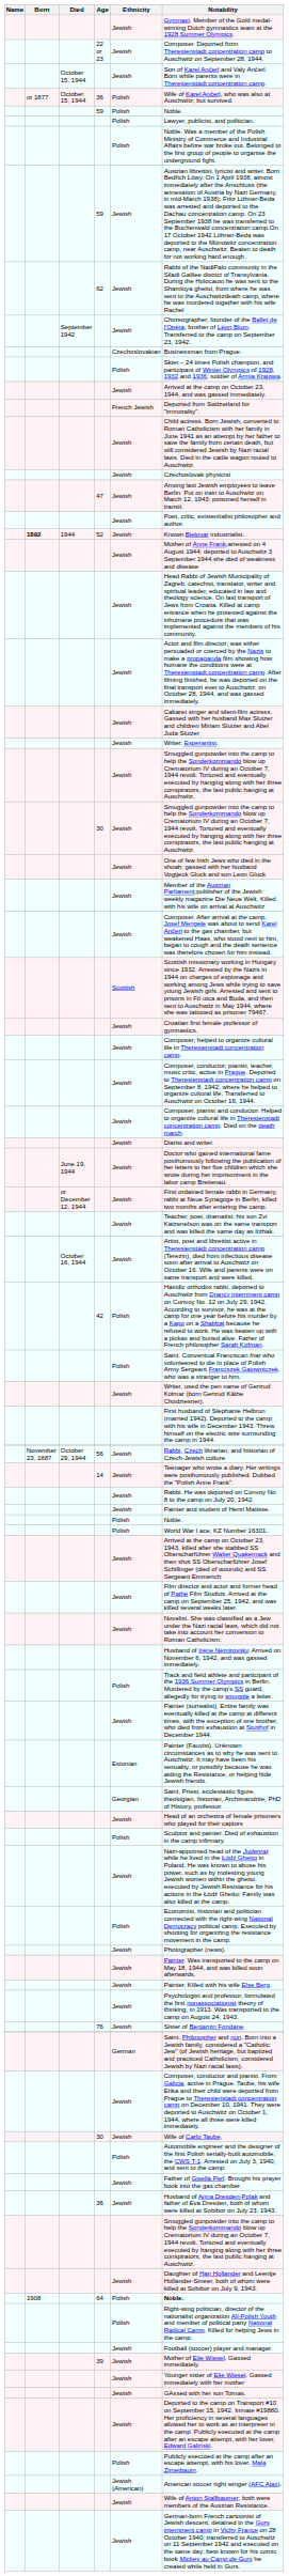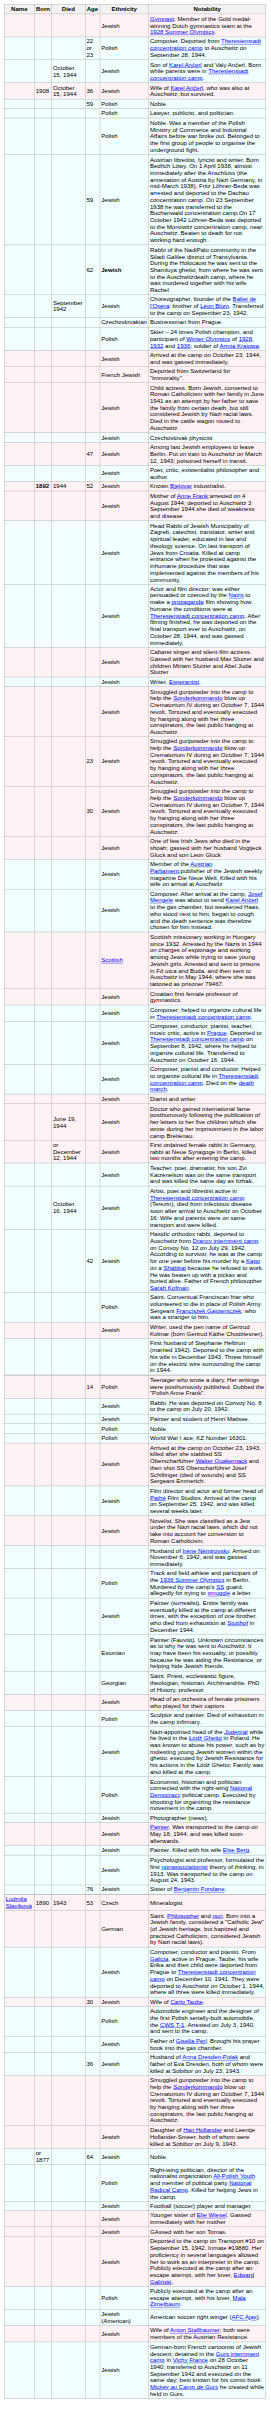 <table class="wikitable sortable" style="width:100%; font-size: 90%;">
 <tr>
 <th>Name</th>
 <th>Born</th>
 <th>Died</th>
 <th>Age</th>
 <th>Ethnicity</th>
 <th>Notability</th>
 </tr>
 <tr style="background:#fff2f4;">
 <td></td>
 <td></td>
 <td></td>
 <td></td>
 <td>Jewish</td>
 <td><a href='#'>Gymnast</a>. Member of the Gold medal-winning Dutch gymnastics team at the <a href='#'>1928 Summer Olympics</a>.</td>
 </tr>
 <tr style="background:#f1ffff;">
 <td></td>
 <td></td>
 <td></td>
 <td>22 or 23</td>
-<td>Jewish</td>
+<td>Polish</td>
 <td>Composer. Deported from <a href='#'>Theresienstadt concentration camp</a> to Auschwitz on September 28, 1944.</td>
 </tr>
 <tr style="background:#f1ffff;">
 <td></td>
 <td></td>
 <td> October 15, 1944</td>
 <td></td>
 <td>Jewish</td>
 <td>Son of <a href='#'>Karel Ančerl</a> and Valy Ančerl.  Born while parents were in <a href='#'>Theresienstadt concentration camp</a>.</td>
 </tr>
 <tr style="background:#fff2f4;">
 <td></td>
-<td> or 1877</td>
+<td>1908</td>
 <td> October 15, 1944</td>
 <td>36</td>
-<td>Polish</td>
+<td>Jewish</td>
 <td>Wife of <a href='#'>Karel Ančerl</a>, who was also at Auschwitz, but survived.</td>
 </tr>
 <tr style="background:#f1ffff;">
 <td></td>
 <td></td>
 <td></td>
 <td>59</td>
 <td>Polish</td>
 <td>Noble.</td>
 </tr>
 <tr style="background:#f1ffff;">
 <td></td>
 <td></td>
 <td></td>
 <td></td>
 <td>Polish</td>
 <td>Lawyer, publicist, and politician.</td>
 </tr>
 <tr style="background:#f1ffff;">
 <td></td>
 <td></td>
 <td></td>
 <td></td>
 <td>Polish</td>
 <td>Noble. Was a member of the Polish Ministry of Commerce and Industrial Affairs before war broke out. Belonged to the first group of people to organise the underground fight.</td>
 </tr>
 <tr style="background:#f1ffff;">
 <td></td>
 <td></td>
 <td></td>
 <td>59</td>
 <td>Jewish</td>
 <td>Austrian librettist, lyricist and writer. Born Bedřich Löwy. On 1 April 1938, almost immediately after the Anschluss (the annexation of Austria by Nazi Germany, in mid-March 1938), Fritz Löhner-Beda was arrested and deported to the Dachau concentration camp. On 23 September 1938 he was transferred to the Buchenwald concentration camp.On 17 October 1942 Löhner-Beda was deported to the Monowitz concentration camp, near Auschwitz. Beaten to death for not working hard enough .</td>
 </tr>
 <tr style="background:#f1ffff;">
 <td></td>
 <td></td>
 <td></td>
 <td>62</td>
-<td>Jewish</td>
+<td><strong>Jewish</strong></td>
 <td>Rabbi of the NadiPalo community in the Siladi Galilee district of Transylvania. During the Holocaust he was sent to the Shamluya ghetto, from where he was sent to the Auschwitzdeath camp, where he was murdered together with his wife Rachel</td>
 </tr>
 <tr style="background:#f1ffff;">
 <td></td>
 <td></td>
 <td> September 1942</td>
 <td></td>
 <td>Jewish</td>
 <td>Choreographer, founder of the <a href='#'>Ballet de l'Opéra</a>; brother of <a href='#'>Léon Blum</a>.  Transferred to the camp on September 23, 1942.</td>
 </tr>
 <tr style="background:#f1ffff;">
 <td></td>
 <td></td>
 <td></td>
 <td></td>
 <td>Czechoslovakian</td>
 <td>Businessman from Prague.</td>
 </tr>
 <tr style="background:#f1ffff;">
 <td></td>
 <td></td>
 <td></td>
 <td></td>
 <td>Polish</td>
 <td>Skier – 24 times Polish champion, and participant of <a href='#'>Winter Olympics</a> of <a href='#'>1928</a>, <a href='#'>1932</a> and <a href='#'>1936</a>; soldier of <a href='#'>Armia Krajowa</a>.</td>
 </tr>
 <tr style="background:#fff2f4;">
 <td></td>
 <td></td>
 <td></td>
 <td></td>
 <td>Jewish</td>
 <td>Arrived at the camp on October 23, 1944, and was gassed immediately.</td>
 </tr>
 <tr style="background:#fff2f4;">
 <td></td>
 <td></td>
 <td></td>
 <td></td>
 <td>French Jewish</td>
 <td>Deported from Switzerland for "immorality".</td>
 </tr>
 <tr style="background:#fff2f4;">
 <td></td>
 <td></td>
 <td></td>
 <td></td>
 <td>Jewish</td>
 <td>Child actress. Born Jewish, converted to Roman Catholicism with her family in June 1941 as an attempt by her father to save the family from certain death, but still considered Jewish by Nazi racial laws. Died in the cattle wagon routed to Auschwitz.</td>
 </tr>
 <tr style="background:#f1ffff;">
 <td></td>
 <td></td>
 <td></td>
 <td></td>
 <td>Jewish</td>
 <td>Czechoslovak physicist</td>
 </tr>
 <tr style="background:#fff2f4;">
 <td></td>
 <td></td>
 <td></td>
 <td>47</td>
 <td>Jewish</td>
 <td>Among last Jewish employees to leave Berlin.  Put on train to Auschwitz on March 12, 1943; poisoned herself in transit.</td>
 </tr>
 <tr style="background:#f1ffff;">
 <td></td>
 <td></td>
 <td></td>
 <td></td>
 <td>Jewish</td>
 <td>Poet, critic, existentialist philosopher and author.</td>
 </tr>
 <tr style="background:#fff2f4;">
 <td></td>
 <td><strong>1892</strong></td>
 <td>1944</td>
 <td>52</td>
 <td>Jewish</td>
 <td>Known <a href='#'>Bjelovar</a> industrialist.</td>
 </tr>
 <tr style="background:#fff2f4;">
 <td></td>
 <td></td>
 <td></td>
 <td></td>
 <td>Jewish</td>
 <td>Mother of <a href='#'>Anne Frank</a>;arrested on 4 August 1944; deported to Auschwitz 3 September 1944.she died of weakness and disease</td>
 </tr>
 <tr style="background:#f1ffff;">
 <td></td>
 <td></td>
 <td></td>
 <td></td>
 <td>Jewish</td>
 <td>Head Rabbi of Jewish Municipality of Zagreb, catechist, translator, writer and spiritual leader, educated in law and theology science.  On last transport of Jews from Croatia.  Killed at camp entrance when he protested against the inhumane procedure that was implemented against the members of his community.</td>
 </tr>
 <tr style="background:#f1ffff;">
 <td></td>
 <td></td>
 <td></td>
 <td></td>
 <td>Jewish</td>
 <td>Actor and film director; was either persuaded or coerced by the <a href='#'>Nazis</a> to make a <a href='#'>propaganda</a> film showing how humane the conditions were at <a href='#'>Theresienstadt concentration camp</a>.  After filming finished, he was deported on the final transport ever to Auschwitz, on October 28, 1944, and was gassed immediately.</td>
 </tr>
 <tr style="background:#fff2f4;">
 <td></td>
 <td></td>
 <td></td>
 <td></td>
 <td>Jewish</td>
 <td>Cabaret singer and silent-film actress. Gassed with her husband Max Sluizer and children Miriam Sluizer and Abel Juda Sluizer</td>
 </tr>
 <tr style="background:#f1ffff;">
 <td></td>
 <td></td>
 <td></td>
 <td></td>
 <td>Jewish</td>
 <td>Writer. <a href='#'>Esperantist</a>.</td>
 </tr>
 <tr style="background:#fff2f4;">
 <td></td>
 <td></td>
 <td></td>
 <td></td>
 <td>Jewish</td>
 <td>Smuggled gunpowder into the camp to help the <a href='#'>Sonderkommando</a> blow up Crematorium IV during an October 7, 1944 revolt. Tortured and eventually executed by hanging along with her three conspirators, the last public hanging at Auschwitz.</td>
 </tr>
 <tr style="background:#fff2f4;">
 <td></td>
 <td></td>
 <td></td>
+<td>23</td>
+<td>Jewish</td>
+<td>Smuggled gunpowder into the camp to help the <a href='#'>Sonderkommando</a> blow up Crematorium IV during an October 7, 1944 revolt. Tortured and eventually executed by hanging along with her three conspirators, the last public hanging at Auschwitz.</td>
+</tr>
+<tr style="background:#fff2f4;">
+<td></td>
+<td></td>
+<td></td>
 <td>30</td>
 <td>Jewish</td>
 <td>Smuggled gunpowder into the camp to help the <a href='#'>Sonderkommando</a> blow up Crematorium IV during an October 7, 1944 revolt. Tortured and eventually executed by hanging along with her three conspirators, the last public hanging at Auschwitz.</td>
 </tr>
 <tr style="background:#fff2f4;">
 <td></td>
 <td></td>
 <td></td>
 <td></td>
 <td>Jewish</td>
 <td>One of few Irish Jews who died in the shoah; gassed with her husband Vogtjeck Gluck and son Leon Gluck</td>
 </tr>
 <tr style="background:#f1ffff;">
 <td></td>
 <td></td>
 <td></td>
 <td></td>
 <td>Jewish</td>
 <td>Member of the <a href='#'>Austrian Parliament</a>;publisher of the Jewish weekly magazine Die Neue Welt, Killed with his wife on arrival at Auschwitz</td>
 </tr>
 <tr style="background:#f1ffff;">
 <td></td>
 <td></td>
 <td></td>
 <td></td>
 <td>Jewish</td>
 <td>Composer.  After arrival at the camp, <a href='#'>Josef Mengele</a> was about to send <a href='#'>Karel Ančerl</a> to the gas chamber, but weakened Haas, who stood next to him, began to cough and the death sentence was therefore chosen for him instead.</td>
 </tr>
 <tr style="background:#fff2f4;">
 <td></td>
 <td></td>
 <td></td>
 <td></td>
 <td><a href='#'>Scottish</a></td>
 <td>Scottish missionary working in Hungary since 1932. Arrested by the Nazis in 1944 on charges of espionage and working among Jews while trying to save young Jewish girls. Arrested and sent to prisons in Fő utca and Buda, and then sent to Auschwitz in May 1944, where she was tattooed as prisoner 79467.</td>
 </tr>
 <tr style="background:#fff2f4;">
 <td></td>
 <td></td>
 <td></td>
 <td></td>
 <td>Jewish</td>
 <td>Croatian first female professor of gymnastics.</td>
 </tr>
 <tr style="background:#f1ffff;">
 <td></td>
 <td></td>
 <td></td>
 <td></td>
 <td>Jewish</td>
 <td>Composer; helped to organize cultural life in <a href='#'>Theresienstadt concentration camp</a>.</td>
 </tr>
 <tr style="background:#f1ffff;">
 <td></td>
 <td></td>
 <td></td>
 <td></td>
 <td>Jewish</td>
 <td>Composer, conductor, pianist, teacher, music critic, active in <a href='#'>Prague</a>.  Deported to <a href='#'>Theresienstadt concentration camp</a> on September 8, 1942, where he helped to organize cultural life.  Transferred to Auschwitz on October 16, 1944.</td>
 </tr>
 <tr style="background:#f1ffff;">
 <td></td>
 <td></td>
 <td></td>
 <td></td>
 <td>Jewish</td>
 <td>Composer, pianist and conductor.  Helped to organize cultural life in <a href='#'>Theresienstadt concentration camp</a>.  Died on the <a href='#'>death march</a>.</td>
 </tr>
 <tr style="background:#fff2f4;">
 <td></td>
 <td></td>
 <td></td>
 <td></td>
 <td>Jewish</td>
 <td>Diarist and writer.</td>
 </tr>
 <tr style="background:#fff2f4;">
 <td></td>
 <td></td>
 <td> June 19, 1944</td>
 <td></td>
 <td>Jewish</td>
 <td>Doctor who gained international fame posthumously following the publication of her letters to her five children which she wrote during her imprisonment in the labor camp Breitenau.</td>
 </tr>
 <tr style="background:#fff2f4;">
 <td></td>
 <td></td>
 <td> or<br>December 12, 1944</td>
 <td></td>
 <td>Jewish</td>
 <td>First ordained female rabbi in Germany, rabbi at Neue Synagoge in Berlin, killed two months after entering the camp.</td>
 </tr>
 <tr style="background:#f1ffff;">
 <td></td>
 <td></td>
 <td></td>
 <td></td>
 <td>Jewish</td>
 <td>Teacher, poet, dramatist; his son Zvi Katzenelson was on the same transport and was killed the same day as Itzhak.</td>
 </tr>
 <tr style="background:#f1ffff;">
 <td></td>
 <td></td>
 <td> October 16, 1944</td>
 <td></td>
 <td>Jewish</td>
 <td>Artist, poet and librettist active in <a href='#'>Theresienstadt concentration camp</a> (Terezin), died from infectious disease soon after arrival to Auschwitz on October 16.  Wife and parents were on same transport and were killed.</td>
 </tr>
 <tr style="background:#f1ffff;">
 <td></td>
 <td></td>
 <td></td>
 <td>42</td>
-<td>Polish</td>
+<td>Jewish</td>
 <td>Hasidic orthodox rabbi, deported to Auschwitz from <a href='#'>Drancy internment camp</a> on Convoy No. 12 on July 29, 1942.  According to survivor, he was at the camp for one year before his murder by a <a href='#'>Kapo</a> on a <a href='#'>Shabbat</a> because he refused to work.  He was beaten up with a pickax and buried alive.  Father of French philosopher <a href='#'>Sarah Kofman</a>.</td>
 </tr>
 <tr style="background:#f1ffff;">
 <td></td>
 <td></td>
 <td></td>
 <td></td>
 <td>Polish</td>
 <td>Saint.  Conventual Franciscan friar who volunteered to die in place of Polish Army Sergeant <a href='#'>Franciszek Gajowniczek</a>, who was a stranger to him.</td>
 </tr>
 <tr style="background:#fff2f4;">
 <td></td>
 <td></td>
 <td></td>
 <td></td>
 <td>Jewish</td>
 <td>Writer, used the pen name of Gertrud Kolmar (born Gertrud Käthe Chodziesner).</td>
 </tr>
 <tr style="background:#f1ffff;">
 <td></td>
 <td></td>
 <td></td>
 <td></td>
 <td></td>
 <td>First husband of Stephanie Helbrun (married 1942).  Deported to the camp with his wife in December 1943.  Threw himself on the electric wire surrounding the camp in 1944.</td>
 </tr>
 <tr>
 </tr>
-<tr style="background:#f1ffff;">
-<td></td>
-<td>November 23, 1887</td>
-<td>October 29, 1944</td>
-<td>56</td>
-<td>Jewish</td>
-<td><a href='#'>Rabbi</a>, <a href='#'>Czech</a> librarian, and historian of Czech-Jewish culture</td>
-</tr>
 <tr style="background:#fff2f4;">
 <td></td>
 <td></td>
 <td></td>
 <td>14</td>
-<td>Jewish</td>
+<td>Polish</td>
 <td>Teenager who wrote a diary.  Her writings were posthumously published.  Dubbed the "Polish Anne Frank".</td>
 </tr>
 <tr style="background:#f1ffff;">
 <td></td>
 <td></td>
 <td></td>
 <td></td>
 <td>Jewish</td>
 <td>Rabbi.  He was deported on Convoy No. 8 to the camp on July 20, 1942.</td>
 </tr>
 <tr style="background:#f1ffff;">
 <td></td>
 <td></td>
 <td></td>
 <td></td>
 <td>Jewish</td>
 <td>Painter and student of Henri Matisse.</td>
 </tr>
 <tr style="background:#f1ffff;">
 <td></td>
 <td></td>
 <td></td>
 <td></td>
 <td>Polish</td>
 <td>Noble.</td>
 </tr>
 <tr style="background:#f1ffff;">
 <td></td>
 <td></td>
 <td></td>
 <td></td>
 <td>Polish</td>
 <td>World War I ace; KZ Number 16301.</td>
 </tr>
 <tr style="background:#fff2f4;">
 <td></td>
 <td></td>
 <td></td>
 <td></td>
 <td>Jewish</td>
 <td>Arrived at the camp on October 23, 1943, killed after she stabbed SS Oberscharführer  <a href='#'>Walter Quakernack</a> and then shot  SS Oberscharführer Josef Schillinger (died of wounds) and SS Sergeant Emmerich.</td>
 </tr>
 <tr style="background:#f1ffff;">
 <td></td>
 <td></td>
 <td></td>
 <td></td>
 <td>Jewish</td>
 <td>Film director and actor and former head of <a href='#'>Pathé</a> Film Studios.  Arrived at the camp on September 25, 1942, and was killed several weeks later.</td>
 </tr>
 <tr style="background:#fff2f4;">
 <td></td>
 <td></td>
 <td></td>
 <td></td>
 <td>Jewish</td>
 <td>Novelist.  She was classified as a Jew under the Nazi racial laws, which did not take into account her conversion to Roman Catholicism.</td>
 </tr>
 <tr style="background:#f1ffff;">
 <td></td>
 <td></td>
 <td></td>
 <td></td>
 <td></td>
 <td>Husband of <a href='#'>Irène Némirovsky</a>.  Arrived on November 6, 1942, and was gassed immediately.</td>
 </tr>
 <tr style="background:#f1ffff;">
 <td></td>
 <td></td>
 <td></td>
 <td></td>
 <td>Polish</td>
 <td>Track and field athlete and participant of the <a href='#'>1936 Summer Olympics</a> in Berlin. Murdered by the camp's <a href='#'>SS</a> guard, allegedly for trying to <a href='#'>smuggle</a> a letter.</td>
 </tr>
 <tr style="background:#f1ffff;">
 <td></td>
 <td></td>
 <td></td>
 <td></td>
 <td>Jewish</td>
 <td>Painter (surrealist).  Entire family was eventually killed at the camp at different times, with the exception of one brother, who died from exhaustion at <a href='#'>Stutthof</a> in December 1944.</td>
 </tr>
 <tr style="background:#f1ffff;">
 <td></td>
 <td></td>
 <td></td>
 <td></td>
 <td>Estonian</td>
 <td>Painter (Fauvist). Unknown circumstances as to why he was sent to Auschwitz. It may have been his sexuality, or possibly because he was aiding the Resistance, or helping hide Jewish friends.</td>
 </tr>
 <tr style="background:#f1ffff;">
 <td></td>
 <td></td>
 <td></td>
 <td></td>
 <td>Georgian</td>
 <td>Saint.  Priest, ecclesiastic figure, theologian, historian, Archimandrite, PhD of History, professor.</td>
 </tr>
 <tr style="background:#fff2f4;">
 <td></td>
 <td></td>
 <td></td>
 <td></td>
 <td>Jewish</td>
 <td>Head of an orchestra of female prisoners who played for their captors</td>
 </tr>
 <tr style="background:#f1ffff;">
 <td></td>
 <td></td>
 <td></td>
 <td></td>
 <td>Polish</td>
 <td>Sculptor and painter. Died of exhaustion in the camp infirmary.</td>
 </tr>
 <tr style="background:#f1ffff;">
 <td></td>
 <td></td>
 <td></td>
 <td></td>
 <td>Jewish</td>
 <td>Nazi-appointed head of the <em><a href='#'>Judenrat</a></em> while he lived in the <a href='#'>Łódź Ghetto</a> in Poland.  He was known to abuse his power, such as by molesting young Jewish women within the ghetto. executed by Jewish Resistance for his actions in the Łódź Ghetto; Family was also killed at the camp.</td>
 </tr>
 <tr style="background:#f1ffff;">
 <td></td>
 <td></td>
 <td></td>
 <td></td>
 <td>Polish</td>
 <td>Economist, historian and politician connected with the right-wing <a href='#'>National Democracy</a> political camp.  Executed by shooting for organizing the resistance movement in the camp.</td>
 </tr>
 <tr style="background:#f1ffff;">
 <td></td>
 <td></td>
 <td></td>
 <td></td>
 <td>Jewish</td>
 <td>Photographer (news).</td>
 </tr>
 <tr style="background:#fff2f4;">
 <td></td>
 <td></td>
 <td></td>
 <td></td>
 <td>Jewish</td>
 <td><a href='#'>Painter</a>.  Was transported to the camp on May 18, 1944, and was killed soon afterwards.</td>
 </tr>
 <tr style="background:#f1ffff;">
 <td></td>
 <td></td>
 <td></td>
 <td></td>
 <td>Jewish</td>
 <td>Painter.  Killed with his wife <a href='#'>Else Berg</a>.</td>
 </tr>
 <tr style="background:#f1ffff;">
 <td></td>
 <td></td>
 <td></td>
 <td></td>
 <td>Jewish</td>
 <td>Psychologist and professor, formulated the first <a href='#'>nonassociationist</a> theory of thinking, in 1913.  Was transported to the camp on August 24, 1943.</td>
 </tr>
 <tr style="background:#f1ffff;">
 <td></td>
 <td></td>
 <td></td>
 <td>76</td>
 <td>Jewish</td>
 <td>Sister of <a href='#'>Benjamin Fondane</a>.</td>
 </tr>
 <tr>
 </tr>
 <tr style="background:#fff2f4;">
+<td><a href='#'>Ludmila Slavíková</a></td>
+<td>1890</td>
+<td>1943</td>
+<td>53</td>
+<td>Czech</td>
+<td>Mineralogist</td>
+</tr>
+<tr style="background:#fff2f4;">
 <td></td>
 <td></td>
 <td></td>
 <td></td>
 <td>German</td>
 <td>Saint. <a href='#'>Philosopher</a> and <a href='#'>nun</a>.  Born into a Jewish family, considered a "Catholic Jew" (of Jewish heritage, but baptized and practiced Catholicism, considered Jewish by Nazi racial laws).</td>
 </tr>
 <tr style="background:#f1ffff;">
 <td></td>
 <td></td>
 <td></td>
 <td></td>
 <td>Jewish</td>
 <td>Composer, conductor and pianist.  From <a href='#'>Galicia</a>, active in Prague.  Taube, his wife Erika and their child were deported from Prague to <a href='#'>Theresienstadt concentration camp</a> on December 10, 1941.  They were deported to Auschwitz on October 1, 1944, where all three were killed immediately.</td>
 </tr>
 <tr style="background:#fff2f4;">
 <td></td>
 <td></td>
 <td></td>
 <td>30</td>
 <td>Jewish</td>
 <td>Wife of <a href='#'>Carlo Taube</a>.</td>
 </tr>
 <tr style="background:#f1ffff;">
 <td></td>
 <td></td>
 <td></td>
 <td></td>
 <td>Polish</td>
 <td>Automobile engineer and the designer of the first Polish serially-built automobile, the <a href='#'>CWS T-1</a>.  Arrested on July 3, 1940, and sent to the camp.</td>
 </tr>
 <tr style="background:#f1ffff;">
 <td></td>
 <td></td>
 <td></td>
 <td></td>
 <td>Jewish</td>
 <td>Father of <a href='#'>Gisella Perl</a>.  Brought his prayer book into the gas chamber.</td>
 </tr>
 <tr style="background:#f1ffff;">
 <td></td>
 <td></td>
 <td></td>
 <td>36</td>
 <td>Jewish</td>
 <td>Husband of <a href='#'>Anna Dresden-Polak</a> and father of Eva Dresden, both of whom were killed at Sobibor on July 23, 1943.</td>
 </tr>
 <tr style="background:#fff2f4;">
 <td></td>
 <td></td>
 <td></td>
 <td></td>
 <td></td>
 <td>Smuggled gunpowder into the camp to help the <a href='#'>Sonderkommando</a> blow up Crematorium IV during an October 7, 1944 revolt. Tortured and eventually executed by hanging along with her three conspirators, the last public hanging at Auschwitz.</td>
 </tr>
 <tr style="background:#fff2f4;">
 <td></td>
 <td></td>
 <td></td>
 <td></td>
 <td>Jewish</td>
 <td>Daughter of <a href='#'>Han Hollander</a> and Leentje Hollander-Smeer, both of whom were killed at Sobibor on July 9, 1943.</td>
 </tr>
 <tr style="background:#f1ffff;">
 <td></td>
-<td>1908</td>
+<td> or 1877</td>
 <td></td>
 <td>64</td>
-<td>Polish</td>
-<td><strong>Noble.</strong></td>
+<td>Jewish</td>
+<td>Noble.</td>
 </tr>
 <tr style="background:#f1ffff;">
 <td></td>
 <td></td>
 <td></td>
 <td></td>
 <td>Polish</td>
 <td>Right-wing politician, director of the nationalist organization <a href='#'>All-Polish Youth</a> and member of political party <a href='#'>National Radical Camp</a>.  Killed for helping Jews in the camp.</td>
 </tr>
 <tr style="background:#f1ffff;">
 <td></td>
 <td></td>
 <td></td>
 <td></td>
 <td>Jewish</td>
 <td>Football (soccer) player and manager.</td>
-</tr>
-<tr style="background:#fff2f4;">
-<td></td>
-<td></td>
-<td></td>
-<td>39</td>
-<td>Jewish</td>
-<td>Mother of <a href='#'>Elie Wiesel</a>.  Gassed immediately.</td>
 </tr>
 <tr style="background:#fff2f4;">
 <td></td>
 <td></td>
 <td></td>
 <td></td>
 <td>Jewish</td>
 <td>Younger sister of <a href='#'>Elie Wiesel</a>.  Gassed immediately with her mother</td>
 </tr>
 <tr style="background:#fff2f4;">
 <td></td>
 <td></td>
 <td></td>
 <td></td>
 <td>Jewish</td>
 <td>GAssed  with her son Tomas.</td>
 </tr>
 <tr style="background:#fff2f4;">
 <td></td>
 <td></td>
 <td></td>
 <td></td>
 <td>Jewish</td>
 <td>Deported to the camp on Transport #10 on September 15, 1942.  Inmate #19880.  Her proficiency in several languages allowed her to work as an interpreter in the camp.  Publicly executed at the camp after an escape attempt, with her lover, <a href='#'>Edward Galiński</a>.</td>
 </tr>
 <tr style="background:#f1ffff;">
 <td></td>
 <td></td>
 <td></td>
 <td></td>
 <td>Polish</td>
 <td>Publicly executed at the camp after an escape attempt, with his lover, <a href='#'>Mala Zimetbaum</a>.</td>
 </tr>
 <tr style="background:#f1ffff;">
 <td></td>
 <td></td>
 <td></td>
 <td></td>
 <td>Jewish (American)</td>
 <td>American soccer right winger (<a href='#'>AFC Ajax</a>).</td>
 </tr>
 <tr style="background:#fff2f4;">
 <td></td>
 <td></td>
 <td></td>
 <td></td>
 <td>Jewish</td>
 <td>Wife of <a href='#'>Anton Stallbaumer</a>; both were members of the Austrian Resistance.</td>
 </tr>
 <tr style="background:#f1ffff;">
 <td></td>
 <td></td>
 <td></td>
 <td></td>
 <td>Jewish</td>
 <td>German-born French cartoonist of Jewish descent; detained in the <a href='#'>Gurs internment camp</a> in <a href='#'>Vichy France</a> on 28 October 1940; transferred to Auschwitz on 11 September 1942 and executed on the same day; best known for his comic book <em><a href='#'>Mickey au Camp de Gurs</a></em> he created while held in Gurs.</td>
 </tr>
 </table>
